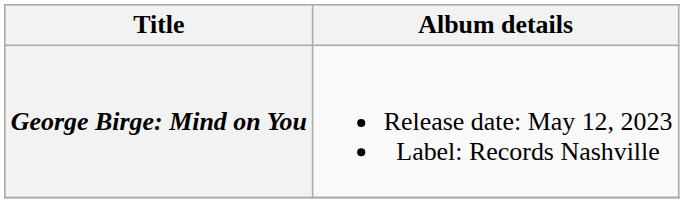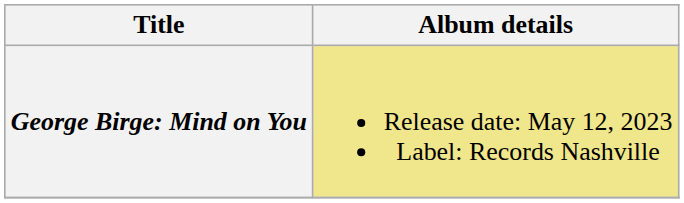 <table class="wikitable plainrowheaders" style="text-align:center;">
 <tr>
 <th scope="col">Title</th>
 <th scope="col">Album details</th>
 </tr>
 <tr>
 <th scope="row"><em>George Birge: Mind on You</em></th>
-<td><br><ul><li>Release date: May 12, 2023</li><li>Label: Records Nashville</li></ul></td>
+<td style="background: khaki;"><br><ul><li>Release date: May 12, 2023</li><li>Label: Records Nashville</li></ul></td>
 </tr>
 <tr>
 </tr>
 </table>
